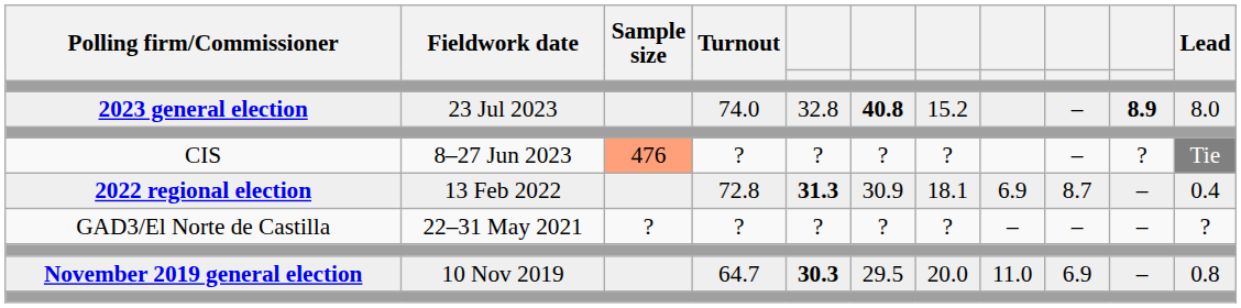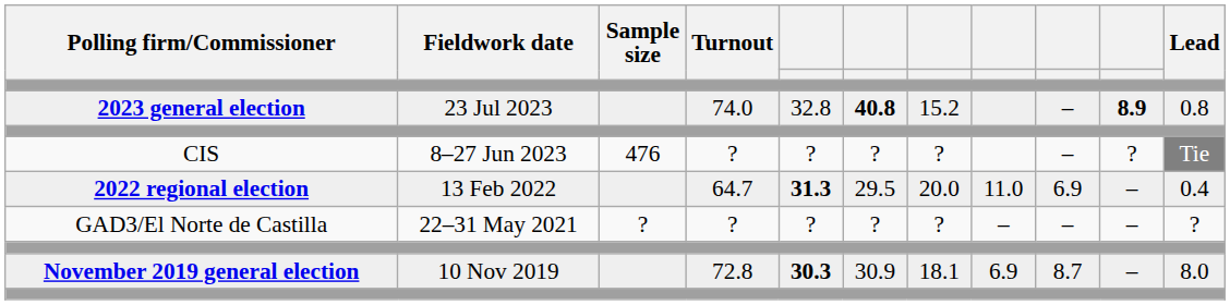 <table class="wikitable collapsible collapsed" style="text-align:center; font-size:95%; line-height:16px;">
 <tr style="height:42px;">
 <th style="width:250px;" rowspan="2">Polling firm/Commissioner</th>
 <th style="width:125px;" rowspan="2">Fieldwork date</th>
 <th style="width:50px;" rowspan="2">Sample size</th>
 <th style="width:45px;" rowspan="2">Turnout</th>
 <th style="width:35px;"></th>
 <th style="width:35px;"></th>
 <th style="width:35px;"></th>
 <th style="width:35px;"></th>
 <th style="width:35px;"></th>
 <th style="width:35px;"></th>
 <th style="width:30px;" rowspan="2">Lead</th>
 </tr>
 <tr>
 <th style="color:inherit;background:"></th>
 <th style="color:inherit;background:"></th>
 <th style="color:inherit;background:"></th>
 <th style="color:inherit;background:"></th>
 <th style="color:inherit;background:"></th>
 <th style="color:inherit;background:"></th>
 </tr>
 <tr>
 <td colspan="11" style="background:#A0A0A0"></td>
 </tr>
 <tr style="background:#EFEFEF;">
 <td><strong><a href='#'>2023 general election</a></strong></td>
 <td>23 Jul 2023</td>
 <td></td>
 <td>74.0</td>
 <td>32.8<br></td>
 <td><strong>40.8</strong><br></td>
 <td>15.2<br></td>
 <td></td>
 <td>–</td>
 <td><strong>8.9<br></strong></td>
-<td style="background:">8.0</td>
+<td style="background:">0.8</td>
 </tr>
 <tr>
 <td colspan="11" style="background:#A0A0A0"></td>
 </tr>
 <tr>
 <td>CIS</td>
 <td>8–27 Jun 2023</td>
-<td style="background: lightsalmon;">476</td>
+<td>476</td>
 <td>?</td>
 <td>?<br></td>
 <td>?<br></td>
 <td>?<br></td>
 <td></td>
 <td>–</td>
 <td>?<br></td>
 <td style="background:gray; color:white;">Tie</td>
 </tr>
 <tr style="background:#EFEFEF;">
 <td><strong><a href='#'>2022 regional election</a></strong></td>
 <td>13 Feb 2022</td>
 <td></td>
-<td>72.8</td>
+<td>64.7</td>
 <td><strong>31.3</strong><br></td>
-<td>30.9<br></td>
-<td>18.1<br></td>
+<td>29.5<br></td>
+<td>20.0<br></td>
+<td>11.0<br></td>
 <td>6.9<br></td>
-<td>8.7<br></td>
 <td>–</td>
 <td style="background:">0.4</td>
 </tr>
 <tr>
 <td>GAD3/El Norte de Castilla</td>
 <td>22–31 May 2021</td>
 <td>?</td>
 <td>?</td>
 <td>?<br></td>
 <td>?<br></td>
 <td>?<br></td>
 <td>–</td>
 <td>–</td>
 <td>–</td>
 <td style="background:">?</td>
 </tr>
 <tr>
 <td colspan="11" style="background:#A0A0A0"></td>
 </tr>
 <tr style="background:#EFEFEF;">
 <td><strong><a href='#'>November 2019 general election</a></strong></td>
 <td>10 Nov 2019</td>
 <td></td>
-<td>64.7</td>
+<td>72.8</td>
 <td><strong>30.3</strong><br></td>
-<td>29.5<br></td>
-<td>20.0<br></td>
-<td>11.0<br></td>
+<td>30.9<br></td>
+<td>18.1<br></td>
 <td>6.9<br></td>
+<td>8.7<br></td>
 <td>–</td>
-<td style="background:">0.8</td>
+<td style="background:">8.0</td>
 </tr>
 <tr>
 <td colspan="11" style="background:#A0A0A0"></td>
 </tr>
 </table>
